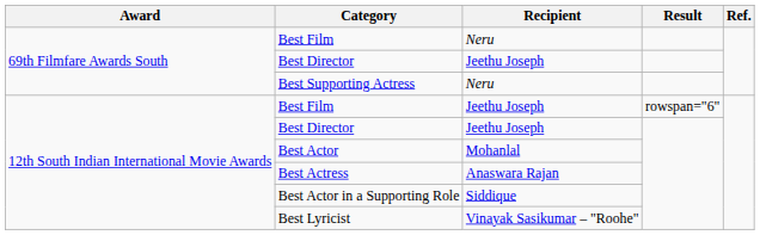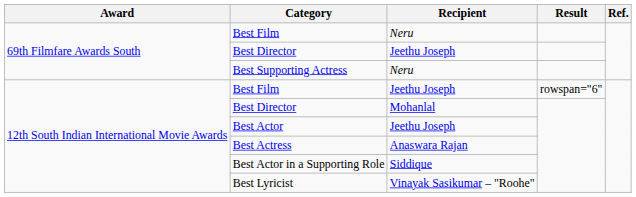 <table class="wikitable">
 <tr>
 <th>Award</th>
 <th>Category</th>
 <th>Recipient</th>
 <th>Result</th>
 <th>Ref.</th>
 </tr>
 <tr>
 <td rowspan="3"><a href='#'>69th Filmfare Awards South</a></td>
 <td><a href='#'>Best Film</a></td>
 <td><em>Neru</em></td>
 <td></td>
 <td rowspan="3"></td>
 </tr>
 <tr>
 <td><a href='#'>Best Director</a></td>
 <td><a href='#'>Jeethu Joseph</a></td>
 <td></td>
 </tr>
 <tr>
 <td><a href='#'>Best Supporting Actress</a></td>
 <td><em>Neru</em></td>
 <td></td>
 </tr>
 <tr>
 <td rowspan="6"><a href='#'>12th South Indian International Movie Awards</a></td>
 <td><a href='#'>Best Film</a></td>
 <td><a href='#'>Jeethu Joseph</a></td>
 <td>rowspan="6" </td>
 <td rowspan="6"></td>
 </tr>
 <tr>
 <td><a href='#'>Best Director</a></td>
-<td><a href='#'>Jeethu Joseph</a></td>
+<td><a href='#'>Mohanlal</a></td>
 </tr>
 <tr>
 <td><a href='#'>Best Actor</a></td>
-<td><a href='#'>Mohanlal</a></td>
+<td><a href='#'>Jeethu Joseph</a></td>
 </tr>
 <tr>
 <td><a href='#'>Best Actress</a></td>
 <td><a href='#'>Anaswara Rajan</a></td>
 </tr>
 <tr>
 <td>Best Actor in a Supporting Role</td>
 <td><a href='#'>Siddique</a></td>
 </tr>
 <tr>
 <td>Best Lyricist</td>
 <td><a href='#'>Vinayak Sasikumar</a> – "Roohe"</td>
 </tr>
 </table>
